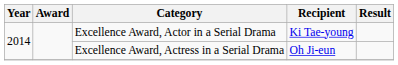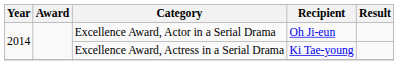 <table class="wikitable">
 <tr>
 <th>Year</th>
 <th>Award</th>
 <th>Category</th>
 <th>Recipient</th>
 <th>Result</th>
 </tr>
 <tr>
 <td rowspan=2>2014</td>
 <td rowspan=2></td>
 <td>Excellence Award, Actor in a Serial Drama</td>
-<td><a href='#'>Ki Tae-young</a></td>
+<td><a href='#'>Oh Ji-eun</a></td>
 <td></td>
 </tr>
 <tr>
 <td>Excellence Award, Actress in a Serial Drama</td>
-<td><a href='#'>Oh Ji-eun</a></td>
+<td><a href='#'>Ki Tae-young</a></td>
 <td></td>
 </tr>
 <tr>
 </tr>
 </table>
